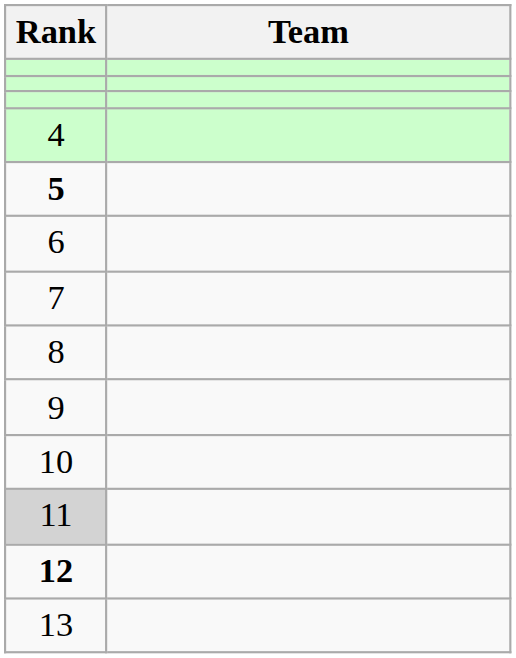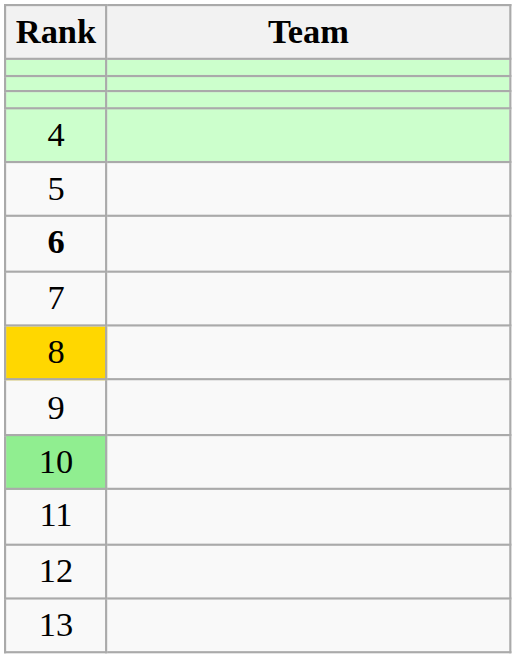 <table class="wikitable" style="text-align: center;">
 <tr>
 <th width=40>Rank</th>
 <th width=180>Team</th>
 </tr>
 <tr bgcolor=#CCFFCC>
 <td></td>
 <td style="text-align:left;"></td>
 </tr>
 <tr bgcolor=#CCFFCC>
 <td></td>
 <td style="text-align:left;"></td>
 </tr>
 <tr bgcolor=#CCFFCC>
 <td></td>
 <td style="text-align:left;"></td>
 </tr>
 <tr bgcolor=#CCFFCC>
 <td>4</td>
 <td style="text-align:left;"></td>
 </tr>
 <tr>
-<td><strong>5</strong></td>
+<td>5</td>
 <td style="text-align:left;"></td>
 </tr>
 <tr>
-<td>6</td>
+<td><strong>6</strong></td>
 <td style="text-align:left;"></td>
 </tr>
 <tr>
 <td>7</td>
 <td style="text-align:left;"></td>
 </tr>
 <tr>
-<td>8</td>
+<td style="background: gold;">8</td>
 <td style="text-align:left;"></td>
 </tr>
 <tr>
 <td>9</td>
 <td style="text-align:left;"></td>
 </tr>
 <tr>
-<td>10</td>
+<td style="background: lightgreen;">10</td>
 <td style="text-align:left;"></td>
 </tr>
 <tr>
-<td style="background: lightgrey;">11</td>
+<td>11</td>
 <td style="text-align:left;"></td>
 </tr>
 <tr>
-<td><strong>12</strong></td>
+<td>12</td>
 <td style="text-align:left;"></td>
 </tr>
 <tr>
 <td>13</td>
 <td style="text-align:left;"></td>
 </tr>
 </table>
